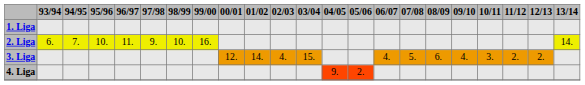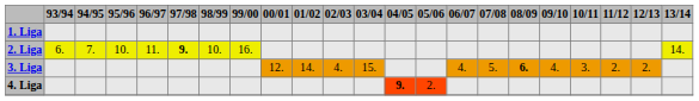 <table border="1" style="border-collapse:collapse; font-size:85%; text-align:center; background-color:#E8E8E8; border-color:#777777; margin:10px" cellpadding="2px">
 <tr bgcolor="#bbbbbb">
 <th width=""></th>
 <th width="">93/94</th>
 <th width="">94/95</th>
 <th width="">95/96</th>
 <th width="">96/97</th>
 <th width="">97/98</th>
 <th width="">98/99</th>
 <th width="">99/00</th>
 <th width="">00/01</th>
 <th width="">01/02</th>
 <th width="">02/03</th>
 <th width="">03/04</th>
 <th width="">04/05</th>
 <th width="">05/06</th>
 <th width="">06/07</th>
 <th width="">07/08</th>
 <th width="">08/09</th>
 <th width="">09/10</th>
 <th width="">10/11</th>
 <th width="">11/12</th>
 <th width="">12/13</th>
 <th width="">13/14</th>
 </tr>
 <tr>
 <th bgcolor="#bbbbbb"><a href='#'>1. Liga</a> </th>
 <td></td>
 <td></td>
 <td></td>
 <td></td>
 <td></td>
 <td></td>
 <td></td>
 <td></td>
 <td></td>
 <td></td>
 <td></td>
 <td></td>
 <td></td>
 <td></td>
 <td></td>
 <td></td>
 <td></td>
 <td></td>
 <td></td>
 <td></td>
 <td></td>
 </tr>
 <tr>
 <th bgcolor="#bbbbbb"><a href='#'>2. Liga</a> </th>
 <td bgcolor="#EEEE00">6.</td>
 <td bgcolor="#EEEE00">7.</td>
 <td bgcolor="#EEEE00">10.</td>
 <td bgcolor="#EEEE00">11.</td>
-<td bgcolor="#EEEE00">9.</td>
+<td bgcolor="#EEEE00"><strong>9.</strong></td>
 <td bgcolor="#EEEE00">10.</td>
 <td bgcolor="#EEEE00">16.</td>
 <td></td>
 <td></td>
 <td></td>
 <td></td>
 <td></td>
 <td></td>
 <td></td>
 <td></td>
 <td></td>
 <td></td>
 <td></td>
 <td></td>
 <td></td>
 <td bgcolor="#EEEE00">14.</td>
 </tr>
 <tr>
 <th bgcolor="#bbbbbb"><a href='#'>3. Liga</a> </th>
 <td></td>
 <td></td>
 <td></td>
 <td></td>
 <td></td>
 <td></td>
 <td></td>
 <td bgcolor="#EE9A00">12.</td>
 <td bgcolor="#EE9A00">14.</td>
 <td bgcolor="#EE9A00">4.</td>
 <td bgcolor="#EE9A00">15.</td>
 <td></td>
 <td></td>
 <td bgcolor="#EE9A00">4.</td>
 <td bgcolor="#EE9A00">5.</td>
-<td bgcolor="#EE9A00">6.</td>
+<td bgcolor="#EE9A00"><strong>6.</strong></td>
 <td bgcolor="#EE9A00">4.</td>
 <td bgcolor="#EE9A00">3.</td>
 <td bgcolor="#EE9A00">2.</td>
 <td bgcolor="#EE9A00">2.</td>
 <td></td>
 </tr>
 <tr>
 <th bgcolor="#bbbbbb">4. Liga </th>
 <td></td>
 <td></td>
 <td></td>
 <td></td>
 <td></td>
 <td></td>
 <td></td>
 <td></td>
 <td></td>
 <td></td>
 <td></td>
-<td bgcolor="#FF4500">9.</td>
+<td bgcolor="#FF4500"><strong>9.</strong></td>
 <td bgcolor="#FF4500">2.</td>
 <td></td>
 <td></td>
 <td></td>
 <td></td>
 <td></td>
 <td></td>
 <td></td>
 <td></td>
 </tr>
 <tr>
 </tr>
 </table>
